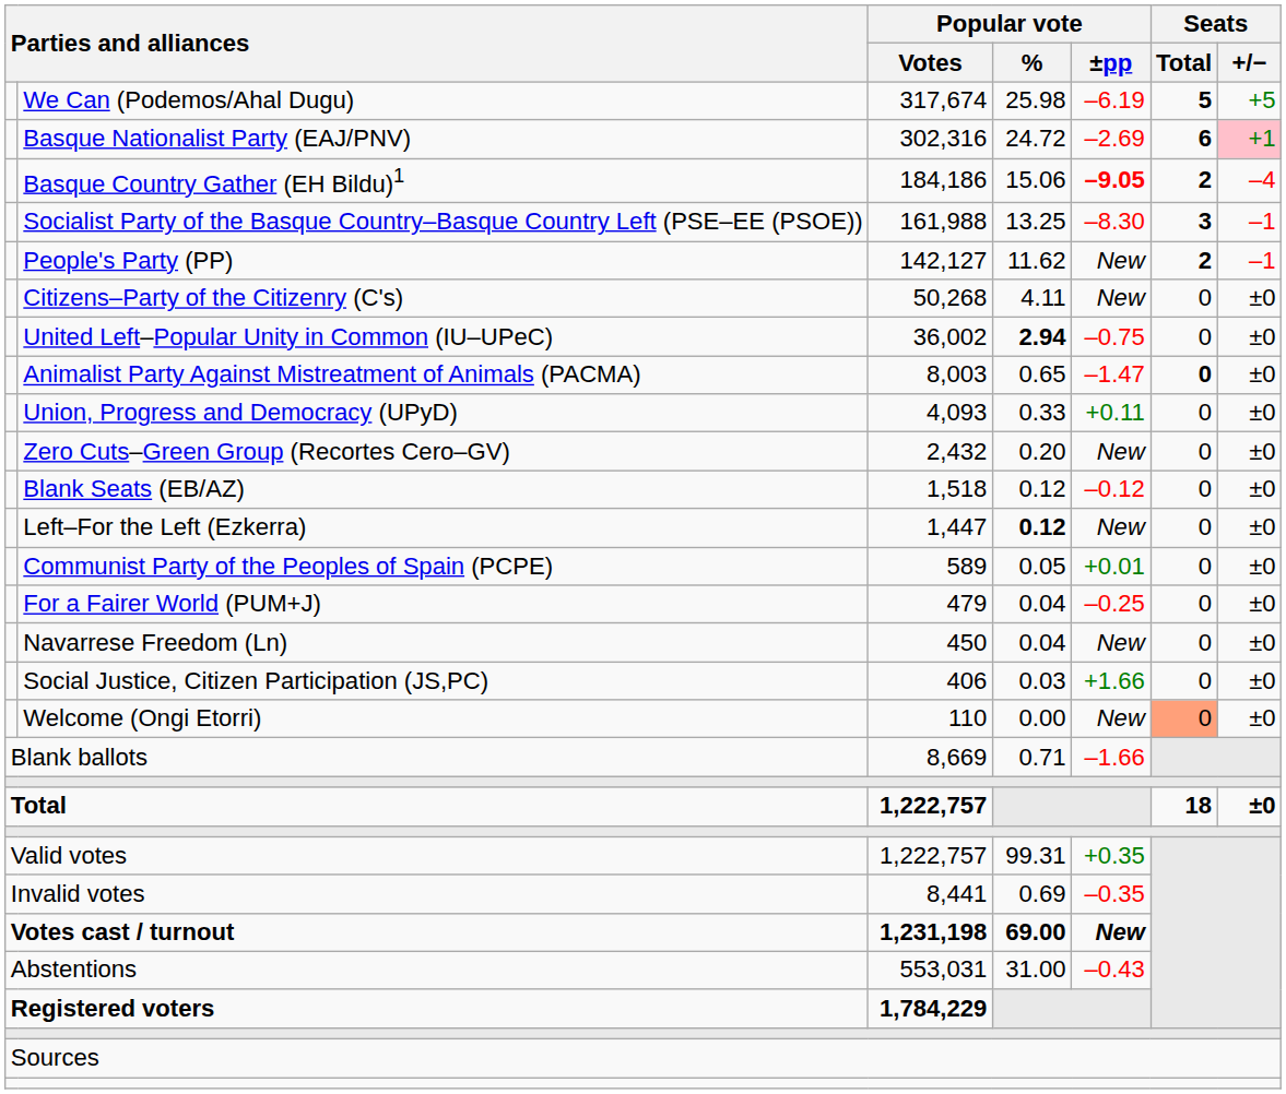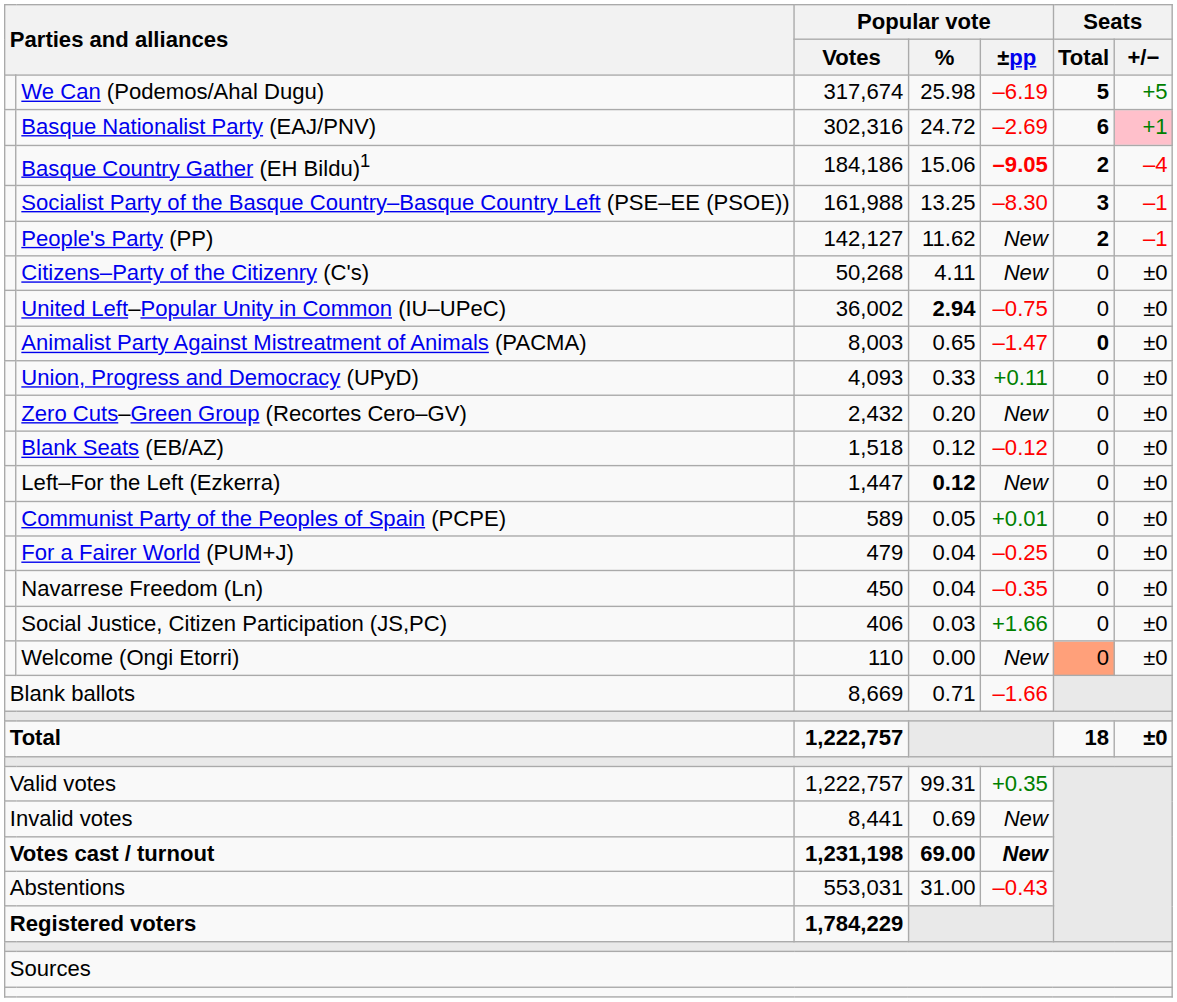 <table class="wikitable" style="text-align:right;">
 <tr>
 <th style="text-align:left;" rowspan="2" colspan="2" width="525">Parties and alliances</th>
 <th colspan="3">Popular vote</th>
 <th colspan="2">Seats</th>
 </tr>
 <tr>
 <th width="75">Votes</th>
 <th width="45">%</th>
 <th width="45">±<a href='#'>pp</a></th>
 <th width="35">Total</th>
 <th width="35">+/−</th>
 </tr>
 <tr>
 <td width="1" style="color:inherit;background:"></td>
 <td align="left"><a href='#'>We Can</a> (Podemos/Ahal Dugu)</td>
 <td>317,674</td>
 <td>25.98</td>
 <td style="color:red;">–6.19</td>
 <td><strong>5</strong></td>
 <td style="color:green;">+5</td>
 </tr>
 <tr>
 <td style="color:inherit;background:"></td>
 <td align="left"><a href='#'>Basque Nationalist Party</a> (EAJ/PNV)</td>
 <td>302,316</td>
 <td>24.72</td>
 <td style="color:red;">–2.69</td>
 <td><strong>6</strong></td>
 <td style="background: pink; color:green;">+1</td>
 </tr>
 <tr>
 <td style="color:inherit;background:"></td>
 <td align="left"><a href='#'>Basque Country Gather</a> (EH Bildu)<sup>1</sup></td>
 <td>184,186</td>
 <td>15.06</td>
 <td style="color:red;"><strong>–9.05</strong></td>
 <td><strong>2</strong></td>
 <td style="color:red;">–4</td>
 </tr>
 <tr>
 <td style="color:inherit;background:"></td>
 <td align="left"><a href='#'>Socialist Party of the Basque Country–Basque Country Left</a> (PSE–EE (PSOE))</td>
 <td>161,988</td>
 <td>13.25</td>
 <td style="color:red;">–8.30</td>
 <td><strong>3</strong></td>
 <td style="color:red;">–1</td>
 </tr>
 <tr>
 <td style="color:inherit;background:"></td>
 <td align="left"><a href='#'>People's Party</a> (PP)</td>
 <td>142,127</td>
 <td>11.62</td>
 <td><em>New</em></td>
 <td><strong>2</strong></td>
 <td style="color:red;">–1</td>
 </tr>
 <tr>
 <td style="color:inherit;background:"></td>
 <td align="left"><a href='#'>Citizens–Party of the Citizenry</a> (C's)</td>
 <td>50,268</td>
 <td>4.11</td>
 <td><em>New</em></td>
 <td>0</td>
 <td>±0</td>
 </tr>
 <tr>
 <td style="color:inherit;background:"></td>
 <td align="left"><a href='#'>United Left</a>–<a href='#'>Popular Unity in Common</a> (IU–UPeC)</td>
 <td>36,002</td>
 <td><strong>2.94</strong></td>
 <td style="color:red;">–0.75</td>
 <td>0</td>
 <td>±0</td>
 </tr>
 <tr>
 <td style="color:inherit;background:"></td>
 <td align="left"><a href='#'>Animalist Party Against Mistreatment of Animals</a> (PACMA)</td>
 <td>8,003</td>
 <td>0.65</td>
 <td style="color:red;">–1.47</td>
 <td><strong>0</strong></td>
 <td>±0</td>
 </tr>
 <tr>
 <td style="color:inherit;background:"></td>
 <td align="left"><a href='#'>Union, Progress and Democracy</a> (UPyD)</td>
 <td>4,093</td>
 <td>0.33</td>
 <td style="color:green;">+0.11</td>
 <td>0</td>
 <td>±0</td>
 </tr>
 <tr>
 <td style="color:inherit;background:"></td>
 <td align="left"><a href='#'>Zero Cuts</a>–<a href='#'>Green Group</a> (Recortes Cero–GV)</td>
 <td>2,432</td>
 <td>0.20</td>
 <td><em>New</em></td>
 <td>0</td>
 <td>±0</td>
 </tr>
 <tr>
 <td style="color:inherit;background:"></td>
 <td align="left"><a href='#'>Blank Seats</a> (EB/AZ)</td>
 <td>1,518</td>
 <td>0.12</td>
 <td style="color:red;">–0.12</td>
 <td>0</td>
 <td>±0</td>
 </tr>
 <tr>
 <td style="color:inherit;background:"></td>
 <td align="left">Left–For the Left (Ezkerra)</td>
 <td>1,447</td>
 <td><strong>0.12</strong></td>
 <td><em>New</em></td>
 <td>0</td>
 <td>±0</td>
 </tr>
 <tr>
 <td style="color:inherit;background:"></td>
 <td align="left"><a href='#'>Communist Party of the Peoples of Spain</a> (PCPE)</td>
 <td>589</td>
 <td>0.05</td>
 <td style="color:green;">+0.01</td>
 <td>0</td>
 <td>±0</td>
 </tr>
 <tr>
 <td style="color:inherit;background:"></td>
 <td align="left"><a href='#'>For a Fairer World</a> (PUM+J)</td>
 <td>479</td>
 <td>0.04</td>
 <td style="color:red;">–0.25</td>
 <td>0</td>
 <td>±0</td>
 </tr>
 <tr>
 <td style="color:inherit;background:"></td>
 <td align="left">Navarrese Freedom (Ln)</td>
 <td>450</td>
 <td>0.04</td>
-<td><em>New</em></td>
+<td style="color:red;">–0.35</td>
 <td>0</td>
 <td>±0</td>
 </tr>
 <tr>
 <td style="color:inherit;background:"></td>
 <td align="left">Social Justice, Citizen Participation (JS,PC)</td>
 <td>406</td>
 <td>0.03</td>
 <td style="color:green;">+1.66</td>
 <td>0</td>
 <td>±0</td>
 </tr>
 <tr>
 <td style="color:inherit;background:"></td>
 <td align="left">Welcome (Ongi Etorri)</td>
 <td>110</td>
 <td>0.00</td>
 <td><em>New</em></td>
 <td style="background: lightsalmon;">0</td>
 <td>±0</td>
 </tr>
 <tr>
 <td align="left" colspan="2">Blank ballots</td>
 <td>8,669</td>
 <td>0.71</td>
 <td style="color:red;">–1.66</td>
 <td bgcolor="#E9E9E9" colspan="2"></td>
 </tr>
 <tr>
 <td colspan="7" bgcolor="#E9E9E9"></td>
 </tr>
 <tr style="font-weight:bold;">
 <td align="left" colspan="2">Total</td>
 <td>1,222,757</td>
 <td bgcolor="#E9E9E9" colspan="2"></td>
 <td>18</td>
 <td>±0</td>
 </tr>
 <tr>
 <td colspan="7" bgcolor="#E9E9E9"></td>
 </tr>
 <tr>
 <td align="left" colspan="2">Valid votes</td>
 <td>1,222,757</td>
 <td>99.31</td>
 <td style="color:green;">+0.35</td>
 <td bgcolor="#E9E9E9" colspan="2" rowspan="5"></td>
 </tr>
 <tr>
 <td align="left" colspan="2">Invalid votes</td>
 <td>8,441</td>
 <td>0.69</td>
-<td style="color:red;">–0.35</td>
+<td><em>New</em></td>
 </tr>
 <tr style="font-weight:bold;">
 <td align="left" colspan="2">Votes cast / turnout</td>
 <td>1,231,198</td>
 <td>69.00</td>
 <td><em>New</em></td>
 </tr>
 <tr>
 <td align="left" colspan="2">Abstentions</td>
 <td>553,031</td>
 <td>31.00</td>
 <td style="color:red;">–0.43</td>
 </tr>
 <tr style="font-weight:bold;">
 <td align="left" colspan="2">Registered voters</td>
 <td>1,784,229</td>
 <td bgcolor="#E9E9E9" colspan="2"></td>
 </tr>
 <tr>
 <td colspan="7" bgcolor="#E9E9E9"></td>
 </tr>
 <tr>
 <td align="left" colspan="7">Sources</td>
 </tr>
 <tr>
 <td colspan="7" style="text-align:left; max-width:790px;"></td>
 </tr>
 </table>
